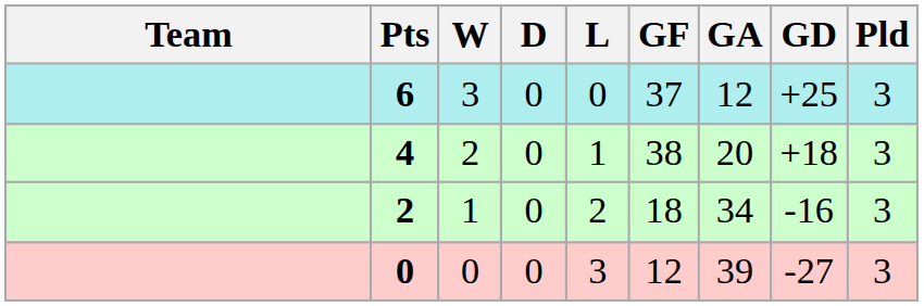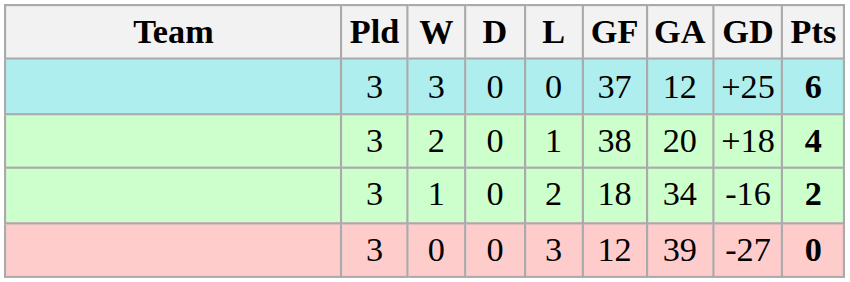 <table class="wikitable" style="text-align:center;">
 <tr>
 <th width=150>Team</th>
-<th width=20>Pts</th>
+<th width=20>Pld</th>
 <th width=20>W</th>
 <th width=20>D</th>
 <th width=20>L</th>
 <th width=20>GF</th>
 <th width=20>GA</th>
 <th width=20>GD</th>
-<th width=20>Pld</th>
+<th width=20>Pts</th>
 </tr>
 <tr bgcolor="#afeeee">
 <td align="left"></td>
-<td><strong>6</strong></td>
+<td>3</td>
 <td>3</td>
 <td>0</td>
 <td>0</td>
 <td>37</td>
 <td>12</td>
 <td>+25</td>
-<td>3</td>
+<td><strong>6</strong></td>
 </tr>
 <tr bgcolor="#ccffcc">
 <td align="left"></td>
-<td><strong>4</strong></td>
+<td>3</td>
 <td>2</td>
 <td>0</td>
 <td>1</td>
 <td>38</td>
 <td>20</td>
 <td>+18</td>
-<td>3</td>
+<td><strong>4</strong></td>
 </tr>
 <tr bgcolor="#ccffcc">
 <td align="left"></td>
-<td><strong>2</strong></td>
+<td>3</td>
 <td>1</td>
 <td>0</td>
 <td>2</td>
 <td>18</td>
 <td>34</td>
 <td>-16</td>
-<td>3</td>
+<td><strong>2</strong></td>
 </tr>
 <tr bgcolor="#ffcccc">
 <td align="left"></td>
-<td><strong>0</strong></td>
+<td>3</td>
 <td>0</td>
 <td>0</td>
 <td>3</td>
 <td>12</td>
 <td>39</td>
 <td>-27</td>
-<td>3</td>
+<td><strong>0</strong></td>
 </tr>
 </table>
